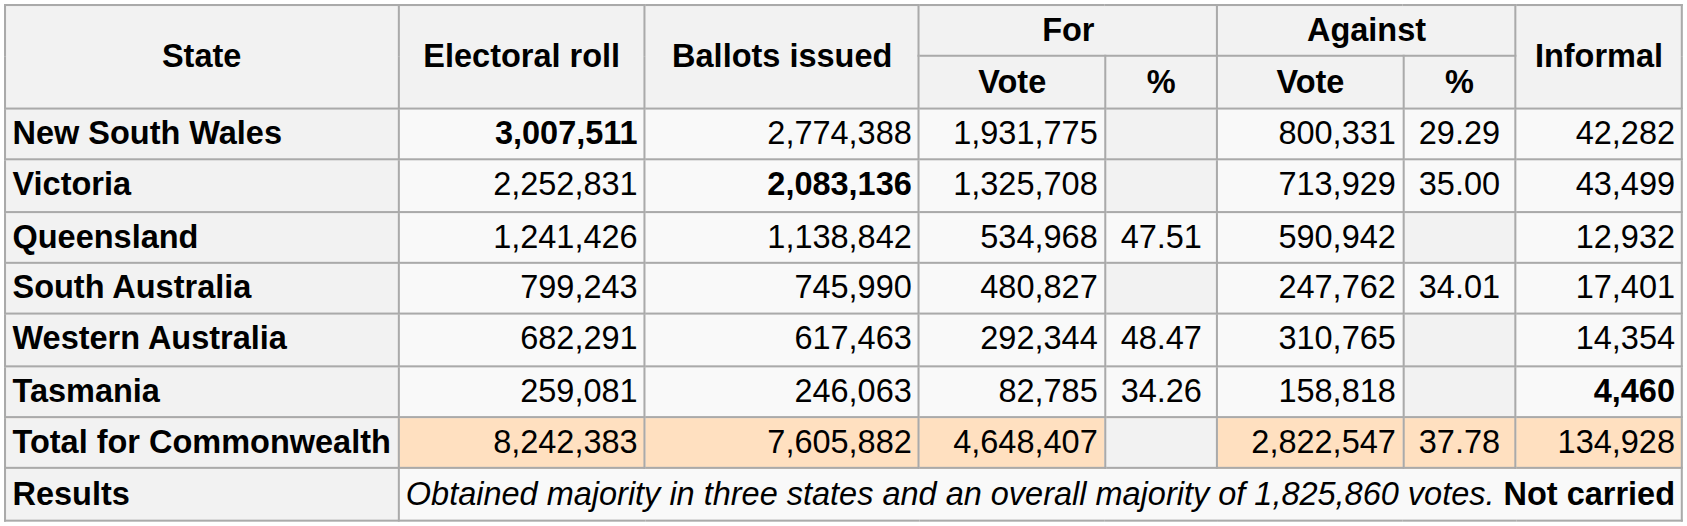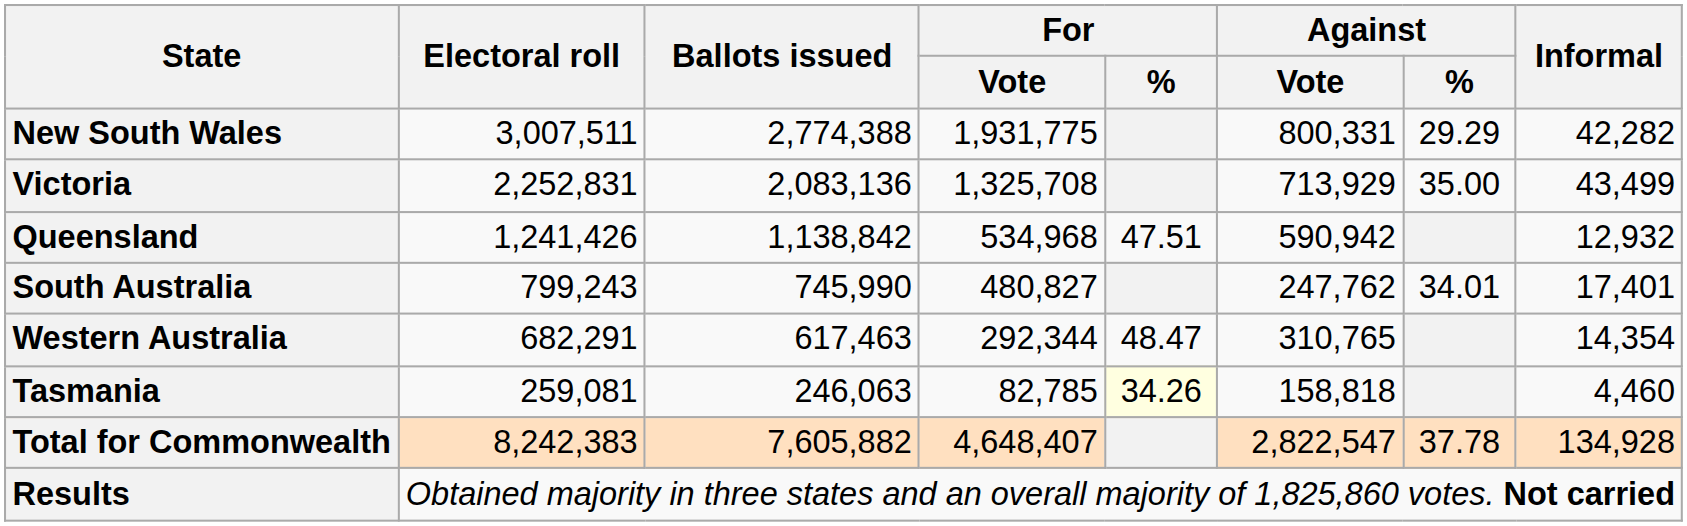 <table class="wikitable">
 <tr align=center>
 <th rowspan="2">State</th>
 <th rowspan="2">Electoral roll</th>
 <th rowspan="2">Ballots issued</th>
 <th align=center colspan="2">For</th>
 <th align=center colspan="2">Against</th>
 <th align=center rowspan="2">Informal</th>
 </tr>
 <tr>
 <th align=center>Vote</th>
 <th align=center>%</th>
 <th align=center>Vote</th>
 <th align=center>%</th>
 </tr>
 <tr align="right">
 <th style="text-align:left;">New South Wales</th>
-<td><strong>3,007,511</strong></td>
+<td>3,007,511</td>
 <td>2,774,388</td>
 <td>1,931,775</td>
 <th></th>
 <td>800,331</td>
 <td align="center">29.29</td>
 <td>42,282</td>
 </tr>
 <tr align="right">
 <th style="text-align:left;">Victoria</th>
 <td>2,252,831</td>
-<td><strong>2,083,136</strong></td>
+<td>2,083,136</td>
 <td>1,325,708</td>
 <th></th>
 <td>713,929</td>
 <td align="center">35.00</td>
 <td>43,499</td>
 </tr>
 <tr align="right">
 <th style="text-align:left;">Queensland</th>
 <td>1,241,426</td>
 <td>1,138,842</td>
 <td>534,968</td>
 <td align="center">47.51</td>
 <td>590,942</td>
 <th></th>
 <td>12,932</td>
 </tr>
 <tr align="right">
 <th style="text-align:left;">South Australia</th>
 <td>799,243</td>
 <td>745,990</td>
 <td>480,827</td>
 <th></th>
 <td>247,762</td>
 <td align="center">34.01</td>
 <td>17,401</td>
 </tr>
 <tr align="right">
 <th style="text-align:left;">Western Australia</th>
 <td>682,291</td>
 <td>617,463</td>
 <td>292,344</td>
 <td align="center">48.47</td>
 <td>310,765</td>
 <th></th>
 <td>14,354</td>
 </tr>
 <tr align="right">
 <th style="text-align:left;">Tasmania</th>
 <td>259,081</td>
 <td>246,063</td>
 <td>82,785</td>
-<td align="center">34.26</td>
+<td align="center" style="background: lightyellow;">34.26</td>
 <td>158,818</td>
 <th></th>
-<td><strong>4,460</strong></td>
+<td>4,460</td>
 </tr>
 <tr bgcolor="#FFE0C0" align="right">
 <th style="text-align:left">Total for Commonwealth</th>
 <td>8,242,383</td>
 <td>7,605,882</td>
 <td>4,648,407</td>
 <th></th>
 <td>2,822,547</td>
 <td align="center">37.78</td>
 <td>134,928</td>
 </tr>
 <tr>
 <th style="text-align:left;">Results</th>
 <td colSpan="8"><em>Obtained majority in three states and an overall majority of 1,825,860 votes.</em> <strong>Not carried</strong></td>
 </tr>
 </table>
